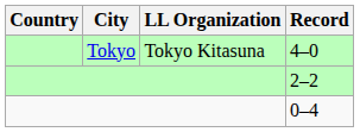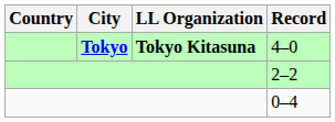 <table class="wikitable">
 <tr>
 <th>Country</th>
 <th>City</th>
 <th>LL Organization</th>
 <th>Record</th>
 </tr>
 <tr bgcolor=#bbffbb>
 <td><strong></strong></td>
-<td><a href='#'>Tokyo</a></td>
-<td>Tokyo Kitasuna</td>
+<td><strong><a href='#'>Tokyo</a></strong></td>
+<td><strong>Tokyo Kitasuna</strong></td>
 <td>4–0</td>
 </tr>
 <tr bgcolor=#bbffbb>
 <td colspan=3><strong></strong></td>
 <td>2–2</td>
 </tr>
 <tr>
 <td colspan=3><strong></strong></td>
 <td>0–4</td>
 </tr>
 </table>
